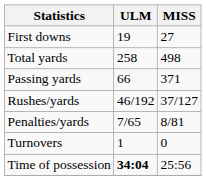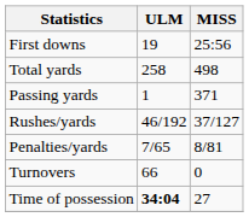 <table class="wikitable" style="float: left;">
 <tr>
 <th>Statistics</th>
 <th>ULM</th>
 <th>MISS</th>
 </tr>
 <tr>
 <td>First downs</td>
 <td>19</td>
-<td>27</td>
+<td>25:56</td>
 </tr>
 <tr>
 <td>Total yards</td>
 <td>258</td>
 <td>498</td>
 </tr>
 <tr>
 <td>Passing yards</td>
-<td>66</td>
+<td>1</td>
 <td>371</td>
 </tr>
 <tr>
 <td>Rushes/yards</td>
 <td>46/192</td>
 <td>37/127</td>
 </tr>
 <tr>
 <td>Penalties/yards</td>
 <td>7/65</td>
 <td>8/81</td>
 </tr>
 <tr>
 <td>Turnovers</td>
-<td>1</td>
+<td>66</td>
 <td>0</td>
 </tr>
 <tr>
 <td>Time of possession</td>
 <td><strong>34:04</strong></td>
-<td>25:56</td>
+<td>27</td>
 </tr>
 <tr>
 </tr>
 </table>
